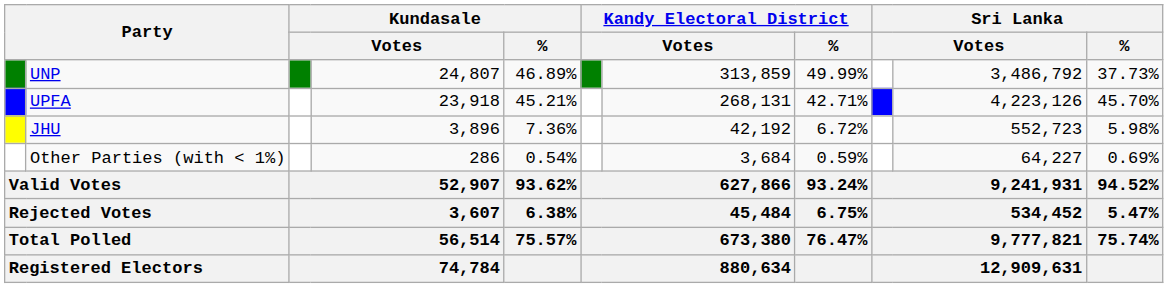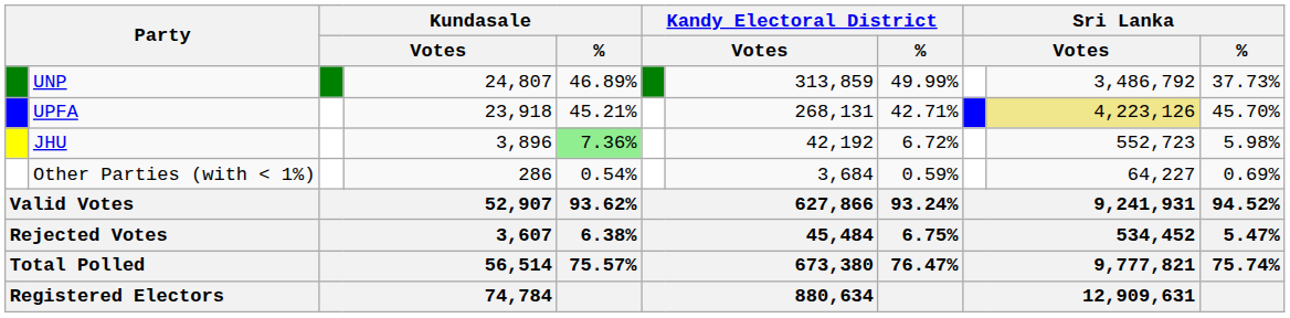 <table class="wikitable">
 <tr>
 <th colspan="2" width="144px"rowspan="2">Party</th>
 <th colspan="3" width="216px">Kundasale</th>
 <th colspan="3" width="216px"><a href='#'>Kandy Electoral District</a></th>
 <th colspan="3" width="216px">Sri Lanka</th>
 </tr>
 <tr>
 <th colspan="2" width="144px">Votes</th>
 <th>%</th>
 <th colspan="2" width="144px">Votes</th>
 <th>%</th>
 <th colspan="2" width="144px">Votes</th>
 <th>%</th>
 </tr>
 <tr>
 <td style="background-color:green;" width="10px"></td>
 <td style="text-align:left;"><a href='#'>UNP</a></td>
 <td style="background-color:green;" width="10px"></td>
 <td style="text-align:right;">24,807</td>
 <td style="text-align:right;">46.89%</td>
 <td style="background-color:green;" width="10px"></td>
 <td style="text-align:right;">313,859</td>
 <td style="text-align:right;">49.99%</td>
 <td style="background-color:white;" width="10px"></td>
 <td style="text-align:right;">3,486,792</td>
 <td style="text-align:right;">37.73%</td>
 </tr>
 <tr>
 <td style="background-color:blue;" width="10px"></td>
 <td style="text-align:left;"><a href='#'>UPFA</a></td>
 <td style="background-color:white;" width="10px"></td>
 <td style="text-align:right;">23,918</td>
 <td style="text-align:right;">45.21%</td>
 <td style="background-color:white;" width="10px"></td>
 <td style="text-align:right;">268,131</td>
 <td style="text-align:right;">42.71%</td>
 <td style="background-color:blue;" width="10px"></td>
-<td style="text-align:right;">4,223,126</td>
+<td style="background: khaki; text-align:right;">4,223,126</td>
 <td style="text-align:right;">45.70%</td>
 </tr>
 <tr>
 <td style="background-color:yellow;" width="10px"></td>
 <td style="text-align:left;"><a href='#'>JHU</a></td>
 <td style="background-color:white;" width="10px"></td>
 <td style="text-align:right;">3,896</td>
-<td style="text-align:right;">7.36%</td>
+<td style="background: lightgreen; text-align:right;">7.36%</td>
 <td style="background-color:white;" width="10px"></td>
 <td style="text-align:right;">42,192</td>
 <td style="text-align:right;">6.72%</td>
 <td style="background-color:white;" width="10px"></td>
 <td style="text-align:right;">552,723</td>
 <td style="text-align:right;">5.98%</td>
 </tr>
 <tr>
 <td style="background-color:white;" width="10px"></td>
 <td style="text-align:left;">Other Parties (with < 1%)</td>
 <td style="background-color:white;" width="10px"></td>
 <td style="text-align:right;">286</td>
 <td style="text-align:right;">0.54%</td>
 <td style="background-color:white;" width="10px"></td>
 <td style="text-align:right;">3,684</td>
 <td style="text-align:right;">0.59%</td>
 <td style="background-color:white;" width="10px"></td>
 <td style="text-align:right;">64,227</td>
 <td style="text-align:right;">0.69%</td>
 </tr>
 <tr>
 <th colspan="2" width="144px"style="text-align:left;">Valid Votes</th>
 <th style="text-align:right;"colspan="2" width="144px">52,907</th>
 <th style="text-align:right;">93.62%</th>
 <th style="text-align:right;"colspan="2" width="144px">627,866</th>
 <th style="text-align:right;">93.24%</th>
 <th style="text-align:right;"colspan="2" width="144px">9,241,931</th>
 <th style="text-align:right;">94.52%</th>
 </tr>
 <tr>
 <th colspan="2" width="144px"style="text-align:left;">Rejected Votes</th>
 <th style="text-align:right;"colspan="2" width="144px">3,607</th>
 <th style="text-align:right;">6.38%</th>
 <th style="text-align:right;"colspan="2" width="144px">45,484</th>
 <th style="text-align:right;">6.75%</th>
 <th style="text-align:right;"colspan="2" width="144px">534,452</th>
 <th style="text-align:right;">5.47%</th>
 </tr>
 <tr>
 <th colspan="2" width="144px"style="text-align:left;">Total Polled</th>
 <th style="text-align:right;"colspan="2" width="144px">56,514</th>
 <th style="text-align:right;">75.57%</th>
 <th style="text-align:right;"colspan="2" width="144px">673,380</th>
 <th style="text-align:right;">76.47%</th>
 <th style="text-align:right;"colspan="2" width="144px">9,777,821</th>
 <th style="text-align:right;">75.74%</th>
 </tr>
 <tr>
 <th colspan="2" width="144px"style="text-align:left;">Registered Electors</th>
 <th style="text-align:right;"colspan="2" width="144px">74,784</th>
 <th></th>
 <th style="text-align:right;"colspan="2" width="144px">880,634</th>
 <th></th>
 <th style="text-align:right;"colspan="2" width="144px">12,909,631</th>
 <th></th>
 </tr>
 </table>
